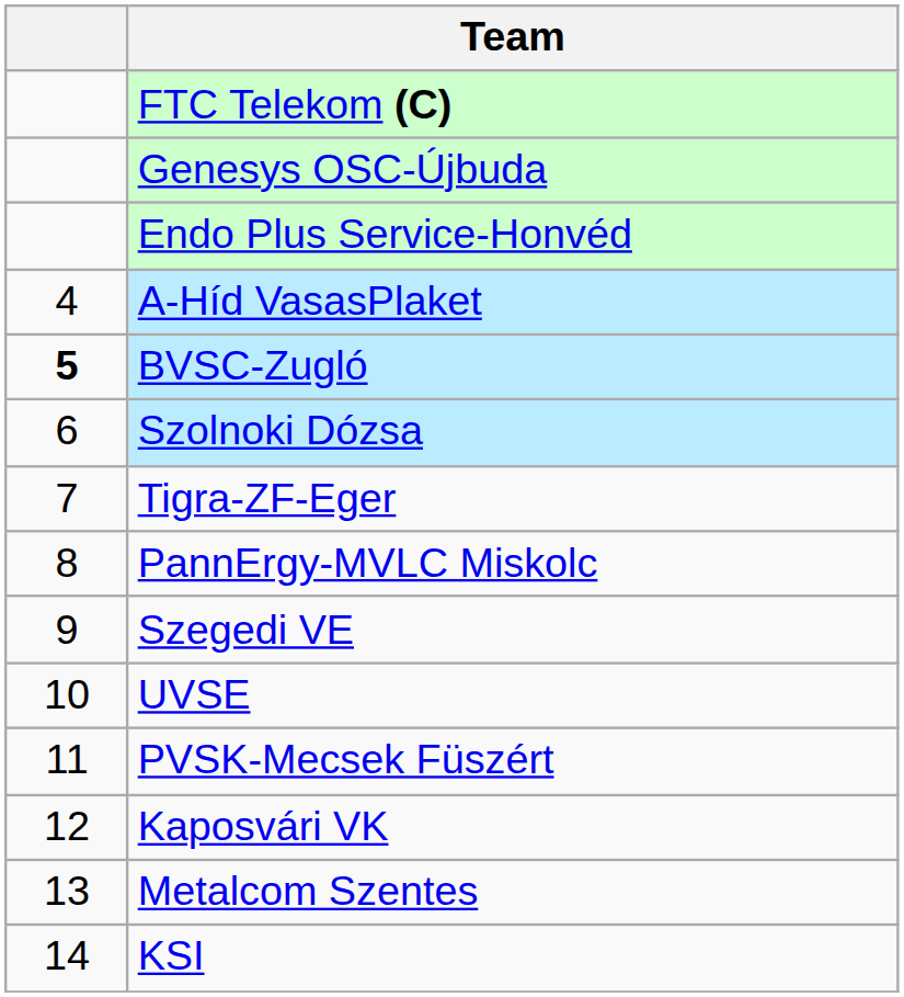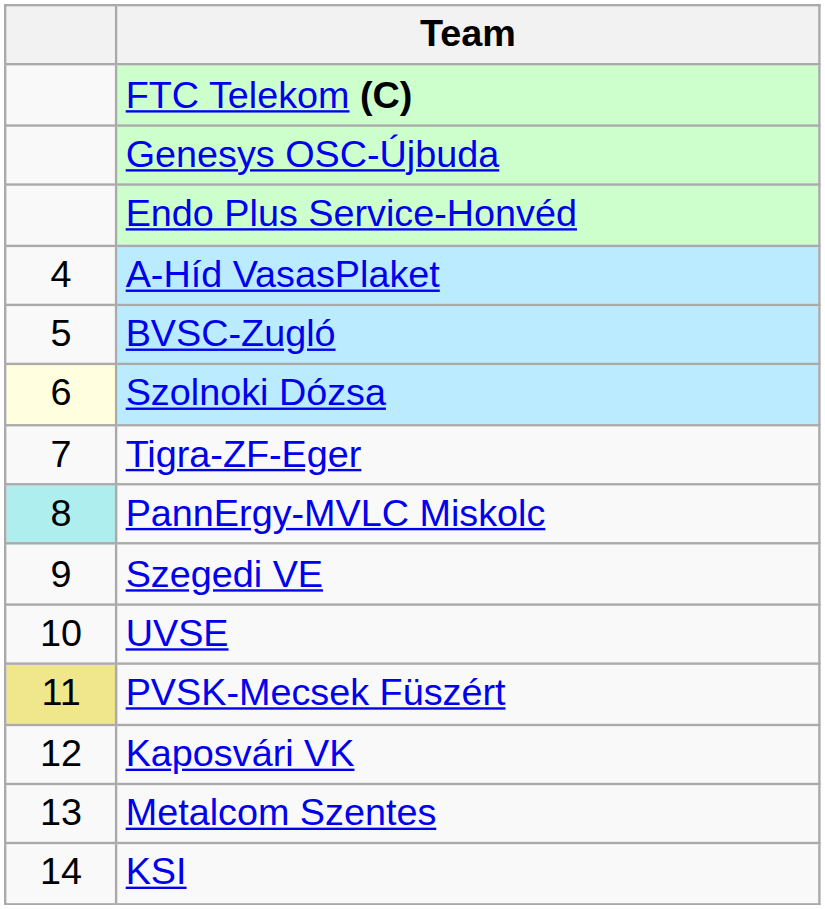 <table class="wikitable" style="text-align: center;">
 <tr>
 <th width=40></th>
 <th width=290>Team</th>
 </tr>
 <tr>
 <td></td>
 <td align=left bgcolor=#CCFFCC><a href='#'>FTC Telekom</a> <strong>(C)</strong></td>
 </tr>
 <tr>
 <td></td>
 <td align=left bgcolor=#CCFFCC><a href='#'>Genesys OSC-Újbuda</a></td>
 </tr>
 <tr>
 <td></td>
 <td align=left bgcolor=#CCFFCC><a href='#'>Endo Plus Service-Honvéd</a></td>
 </tr>
 <tr>
 <td>4</td>
 <td align=left bgcolor=#BBEBFF><a href='#'>A-Híd VasasPlaket</a></td>
 </tr>
 <tr>
-<td><strong>5</strong></td>
+<td>5</td>
 <td align=left bgcolor=#BBEBFF><a href='#'>BVSC-Zugló</a></td>
 </tr>
 <tr>
-<td>6</td>
+<td style="background: lightyellow;">6</td>
 <td align=left bgcolor=#BBEBFF><a href='#'>Szolnoki Dózsa</a></td>
 </tr>
 <tr>
 <td>7</td>
 <td align=left><a href='#'>Tigra-ZF-Eger</a></td>
 </tr>
 <tr>
-<td>8</td>
+<td style="background: paleturquoise;">8</td>
 <td align=left><a href='#'>PannErgy-MVLC Miskolc</a></td>
 </tr>
 <tr>
 <td>9</td>
 <td align=left><a href='#'>Szegedi VE</a></td>
 </tr>
 <tr>
 <td>10</td>
 <td align=left><a href='#'>UVSE</a></td>
 </tr>
 <tr>
-<td>11</td>
+<td style="background: khaki;">11</td>
 <td align=left><a href='#'>PVSK-Mecsek Füszért</a></td>
 </tr>
 <tr>
 <td>12</td>
 <td align=left><a href='#'>Kaposvári VK</a></td>
 </tr>
 <tr>
 <td>13</td>
 <td align=left><a href='#'>Metalcom Szentes</a></td>
 </tr>
 <tr>
 <td>14</td>
 <td align=left><a href='#'>KSI</a></td>
 </tr>
 </table>
